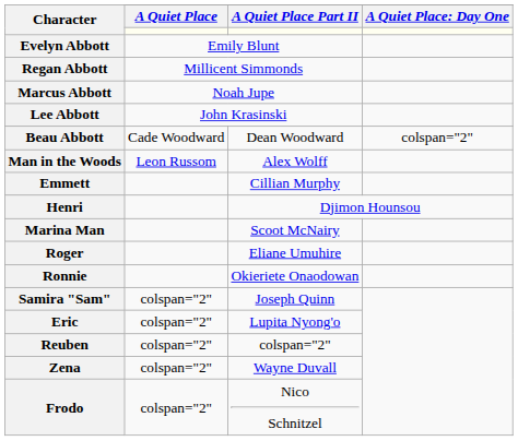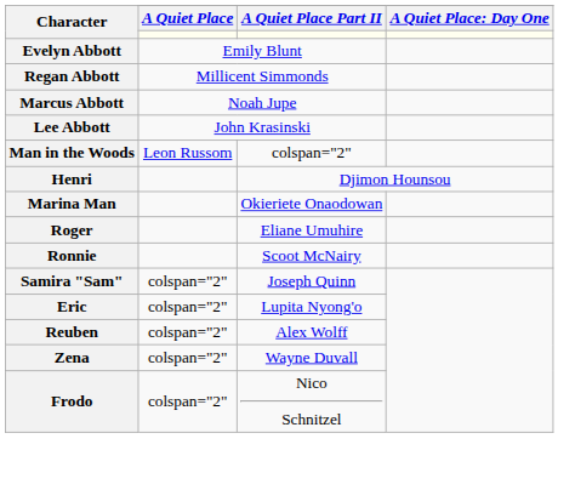 <table class="wikitable plainrowheaders" style="text-align:center;">
 <tr>
 <th rowspan="3">Character</th>
 </tr>
 <tr>
 <th><em><a href='#'>A Quiet Place</a></em></th>
 <th><em><a href='#'>A Quiet Place Part II</a></em></th>
 <th><em><a href='#'>A Quiet Place: Day One</a></em></th>
 </tr>
 <tr>
 <th style="background:ivory;"></th>
 <th style="background:ivory;"></th>
 <th style="background:ivory;"></th>
 </tr>
 <tr>
 <th>Evelyn Abbott</th>
 <td colspan="2"><a href='#'>Emily Blunt</a></td>
 <td></td>
 </tr>
 <tr>
 <th>Regan Abbott</th>
 <td colspan="2"><a href='#'>Millicent Simmonds</a></td>
 <td></td>
 </tr>
 <tr>
 <th>Marcus Abbott</th>
 <td colspan="2"><a href='#'>Noah Jupe</a></td>
 <td></td>
 </tr>
 <tr>
 <th>Lee Abbott</th>
 <td colspan="2"><a href='#'>John Krasinski</a></td>
 <td></td>
 </tr>
 <tr>
-<th>Beau Abbott</th>
-<td>Cade Woodward</td>
-<td>Dean Woodward</td>
-<td>colspan="2" </td>
-</tr>
-<tr>
 <th>Man in the Woods</th>
 <td><a href='#'>Leon Russom</a></td>
-<td><a href='#'>Alex Wolff</a></td>
-</tr>
-<tr>
-<th>Emmett</th>
-<td></td>
-<td><a href='#'>Cillian Murphy</a></td>
-<td></td>
+<td>colspan="2" </td>
 </tr>
 <tr>
 <th>Henri</th>
 <td></td>
 <td colspan="2"><a href='#'>Djimon Hounsou</a></td>
 </tr>
 <tr>
 <th>Marina Man</th>
 <td></td>
-<td><a href='#'>Scoot McNairy</a></td>
+<td><a href='#'>Okieriete Onaodowan</a></td>
 <td></td>
 </tr>
 <tr>
 <th>Roger</th>
 <td></td>
 <td><a href='#'>Eliane Umuhire</a></td>
 <td></td>
 </tr>
 <tr>
 <th>Ronnie</th>
 <td></td>
-<td><a href='#'>Okieriete Onaodowan</a></td>
+<td><a href='#'>Scoot McNairy</a></td>
 <td></td>
 </tr>
 <tr>
 <th>Samira "Sam"</th>
 <td>colspan="2" </td>
 <td><a href='#'>Joseph Quinn</a></td>
 </tr>
 <tr>
 <th>Eric</th>
 <td>colspan="2" </td>
 <td><a href='#'>Lupita Nyong'o</a></td>
 </tr>
 <tr>
 <th>Reuben</th>
 <td>colspan="2" </td>
-<td>colspan="2" </td>
+<td><a href='#'>Alex Wolff</a></td>
 </tr>
 <tr>
 <th>Zena</th>
 <td>colspan="2" </td>
 <td><a href='#'>Wayne Duvall</a></td>
 </tr>
 <tr>
 <th>Frodo</th>
 <td>colspan="2" </td>
 <td>Nico<hr>Schnitzel</td>
 </tr>
 </table>
